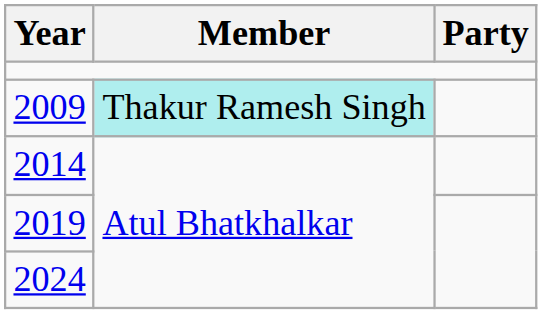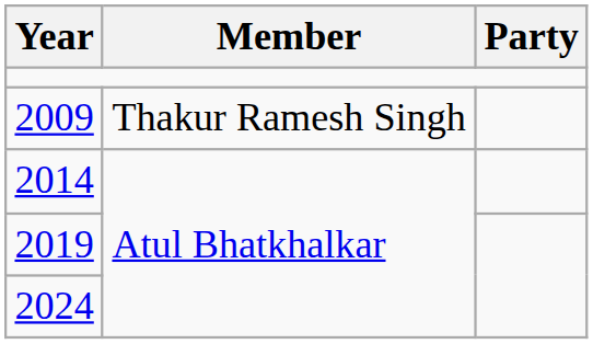 <table class="wikitable">
 <tr>
 <th>Year</th>
 <th>Member</th>
 <th colspan="2">Party</th>
 </tr>
 <tr>
 <td colspan=4></td>
 </tr>
 <tr>
 <td><a href='#'>2009</a></td>
-<td style="background: paleturquoise;">Thakur Ramesh Singh</td>
+<td>Thakur Ramesh Singh</td>
 <td></td>
 </tr>
 <tr>
 <td><a href='#'>2014</a></td>
 <td rowspan="3"><a href='#'>Atul Bhatkhalkar</a></td>
 <td></td>
 </tr>
 <tr>
 <td><a href='#'>2019</a></td>
 </tr>
 <tr>
 <td><a href='#'>2024</a></td>
 </tr>
 </table>
